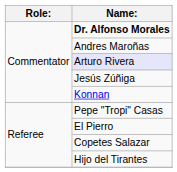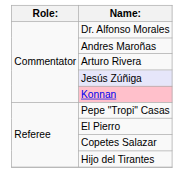 <table class=wikitable style="font-size:90%; margin: 0.5em 0 0.5em 1em; float: right; clear: right;">
 <tr>
 <th>Role:</th>
 <th>Name:</th>
 </tr>
 <tr>
 <td rowspan=5>Commentator</td>
-<td><strong>Dr. Alfonso Morales</strong></td>
+<td>Dr. Alfonso Morales</td>
 </tr>
 <tr>
 <td>Andres Maroñas</td>
 </tr>
 <tr>
-<td style="background: lavender;">Arturo Rivera</td>
+<td>Arturo Rivera</td>
 </tr>
 <tr>
-<td>Jesús Zúñiga</td>
+<td style="background: lavender;">Jesús Zúñiga</td>
 </tr>
 <tr>
-<td><a href='#'>Konnan</a></td>
+<td style="background: pink;"><a href='#'>Konnan</a></td>
 </tr>
 <tr>
 <td rowspan=4>Referee</td>
 <td>Pepe "Tropi" Casas</td>
 </tr>
 <tr>
 <td>El Pierro</td>
 </tr>
 <tr>
 <td>Copetes Salazar</td>
 </tr>
 <tr>
 <td>Hijo del Tirantes</td>
 </tr>
 <tr>
 </tr>
 </table>
